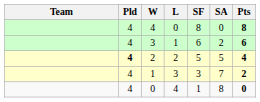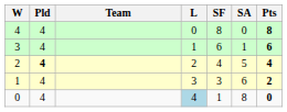 <table class="wikitable" style="text-align: center">
 <tr>
+<th width=30>W</th>
+<th width=30>Pld</th>
 <th width=180>Team</th>
-<th width=30>Pld</th>
-<th width=30>W</th>
 <th width=30>L</th>
 <th width=30>SF</th>
 <th width=30>SA</th>
 <th width=30>Pts</th>
 </tr>
 <tr bgcolor=ccffcc>
-<td align=left></td>
 <td>4</td>
 <td>4</td>
+<td align=left></td>
 <td>0</td>
 <td>8</td>
 <td>0</td>
 <td><strong>8</strong></td>
 </tr>
 <tr bgcolor=ccffcc>
+<td>3</td>
+<td>4</td>
 <td align=left></td>
-<td>4</td>
-<td>3</td>
 <td>1</td>
 <td>6</td>
-<td>2</td>
+<td>1</td>
 <td><strong>6</strong></td>
 </tr>
 <tr bgcolor=ffffcc>
+<td>2</td>
+<td><strong>4</strong></td>
 <td align=left></td>
-<td><strong>4</strong></td>
 <td>2</td>
-<td>2</td>
-<td>5</td>
+<td>4</td>
 <td>5</td>
 <td><strong>4</strong></td>
 </tr>
 <tr bgcolor=ffffcc>
+<td>1</td>
+<td>4</td>
 <td align=left></td>
-<td>4</td>
-<td>1</td>
 <td>3</td>
 <td>3</td>
-<td>7</td>
+<td>6</td>
 <td><strong>2</strong></td>
 </tr>
 <tr>
-<td align=left></td>
-<td>4</td>
 <td>0</td>
 <td>4</td>
+<td align=left></td>
+<td style="background: lightblue;">4</td>
 <td>1</td>
 <td>8</td>
 <td><strong>0</strong></td>
 </tr>
 </table>
